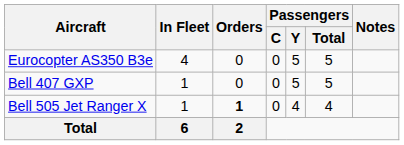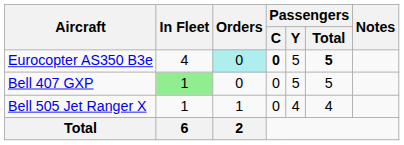 <table class="wikitable" style="margin:1em auto; border-collapse:collapse; text-align: center">
 <tr>
 <th rowspan=2>Aircraft</th>
 <th rowspan=2>In Fleet</th>
 <th rowspan=2>Orders</th>
 <th colspan=3>Passengers</th>
 <th rowspan=2>Notes</th>
 </tr>
 <tr>
 <th><abbr>C</abbr></th>
 <th><abbr>Y</abbr></th>
 <th>Total</th>
 </tr>
 <tr>
 <td align=left><a href='#'>Eurocopter AS350 B3e</a></td>
 <td>4</td>
-<td>0</td>
-<td>0</td>
+<td style="background: paleturquoise;">0</td>
+<td><strong>0</strong></td>
 <td>5</td>
-<td>5</td>
+<td><strong>5</strong></td>
 <td></td>
 </tr>
 <tr>
 <td align=left><a href='#'>Bell 407 GXP</a></td>
-<td>1</td>
+<td style="background: lightgreen;">1</td>
 <td>0</td>
 <td>0</td>
 <td>5</td>
 <td>5</td>
 <td></td>
 </tr>
 <tr>
 <td align=left><a href='#'>Bell 505 Jet Ranger X</a></td>
 <td>1</td>
-<td><strong>1</strong></td>
+<td>1</td>
 <td>0</td>
 <td>4</td>
 <td>4</td>
 <td></td>
 </tr>
 <tr>
 <th>Total</th>
 <th>6</th>
 <th>2</th>
 <td colspan="4"></td>
 </tr>
 </table>
